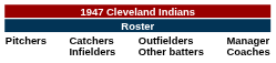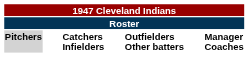 <table class="toccolours" style="font-size: 95%;">
 <tr>
 <th colspan="10" style="background-color: #990000; color: white; text-align: center;">1947 Cleveland Indians</th>
 </tr>
 <tr>
 <td colspan="10" style="background-color: #023456; color: white; text-align: center;"><strong>Roster</strong></td>
 </tr>
 <tr>
-<td valign="top"><strong>Pitchers</strong><br>               </td>
+<td valign="top" style="background: lightgrey;"><strong>Pitchers</strong><br>               </td>
 <td width="25px"></td>
 <td valign="top"><strong>Catchers</strong><br>   <strong>Infielders</strong>         </td>
 <td width="25px"></td>
 <td valign="top"><strong>Outfielders</strong><br>        <strong>Other batters</strong>  </td>
 <td width="25px"></td>
 <td valign="top"><strong>Manager</strong><br> <strong>Coaches</strong>    </td>
 </tr>
 </table>
